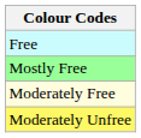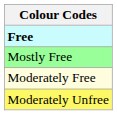 <table class="wikitable">
 <tr>
 <th>Colour Codes</th>
 </tr>
 <tr bgcolor="#CBFCFD">
-<td>Free</td>
+<td><strong>Free</strong></td>
 </tr>
 <tr bgcolor="#99ff99">
 <td>Mostly Free</td>
 </tr>
 <tr bgcolor="#FEFDDD">
 <td>Moderately Free</td>
 </tr>
 <tr bgcolor="#FDF866">
 <td>Moderately Unfree</td>
 </tr>
 </table>
